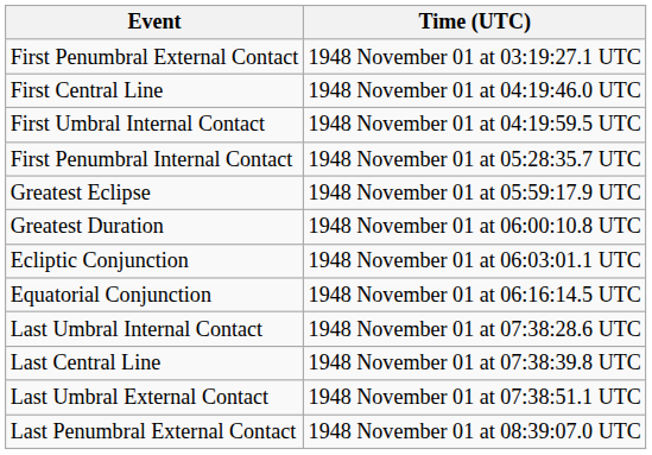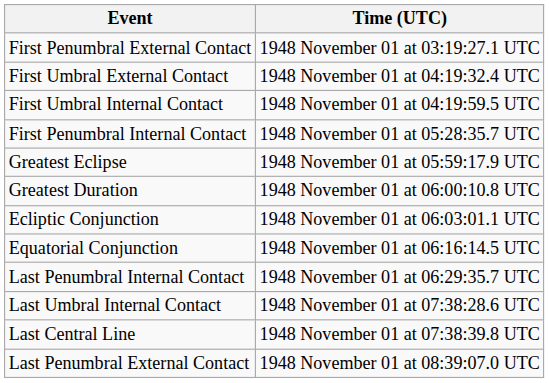 <table class="wikitable">
 <tr>
 <th>Event</th>
 <th>Time (UTC)</th>
 </tr>
 <tr>
 <td>First Penumbral External Contact</td>
 <td>1948 November 01 at 03:19:27.1 UTC</td>
 </tr>
 <tr>
-<td>First Central Line</td>
-<td>1948 November 01 at 04:19:46.0 UTC</td>
+<td>First Umbral External Contact</td>
+<td>1948 November 01 at 04:19:32.4 UTC</td>
 </tr>
 <tr>
 <td>First Umbral Internal Contact</td>
 <td>1948 November 01 at 04:19:59.5 UTC</td>
 </tr>
 <tr>
 <td>First Penumbral Internal Contact</td>
 <td>1948 November 01 at 05:28:35.7 UTC</td>
 </tr>
 <tr>
 <td>Greatest Eclipse</td>
 <td>1948 November 01 at 05:59:17.9 UTC</td>
 </tr>
 <tr>
 <td>Greatest Duration</td>
 <td>1948 November 01 at 06:00:10.8 UTC</td>
 </tr>
 <tr>
 <td>Ecliptic Conjunction</td>
 <td>1948 November 01 at 06:03:01.1 UTC</td>
 </tr>
 <tr>
 <td>Equatorial Conjunction</td>
 <td>1948 November 01 at 06:16:14.5 UTC</td>
 </tr>
 <tr>
+<td>Last Penumbral Internal Contact</td>
+<td>1948 November 01 at 06:29:35.7 UTC</td>
+</tr>
+<tr>
 <td>Last Umbral Internal Contact</td>
 <td>1948 November 01 at 07:38:28.6 UTC</td>
 </tr>
 <tr>
 <td>Last Central Line</td>
 <td>1948 November 01 at 07:38:39.8 UTC</td>
 </tr>
 <tr>
-<td>Last Umbral External Contact</td>
-<td>1948 November 01 at 07:38:51.1 UTC</td>
-</tr>
-<tr>
 <td>Last Penumbral External Contact</td>
 <td>1948 November 01 at 08:39:07.0 UTC</td>
 </tr>
 </table>
